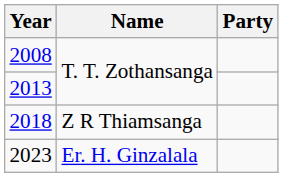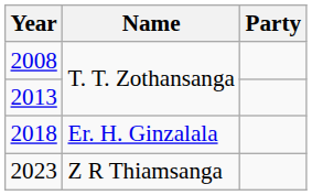 <table class="wikitable sortable">
 <tr>
 <th>Year</th>
 <th>Name</th>
 <th colspan=2>Party</th>
 </tr>
 <tr>
 <td><a href='#'>2008</a></td>
 <td rowspan=2>T. T. Zothansanga</td>
 <td></td>
 </tr>
 <tr>
 <td><a href='#'>2013</a></td>
 </tr>
 <tr>
 <td><a href='#'>2018</a></td>
-<td>Z R Thiamsanga</td>
+<td><a href='#'>Er. H. Ginzalala</a></td>
 <td></td>
 </tr>
 <tr>
 <td>2023</td>
-<td><a href='#'>Er. H. Ginzalala</a></td>
+<td>Z R Thiamsanga</td>
 <td></td>
 </tr>
 </table>
